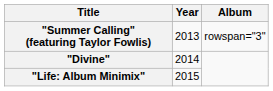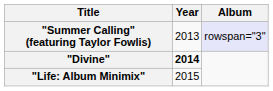 <table class="wikitable plainrowheaders" style="text-align:center;">
 <tr>
 <th scope="col" style="width:15em;">Title</th>
 <th scope="col" style="width:1em;">Year</th>
 <th scope="col">Album</th>
 </tr>
 <tr>
 <th scope="row">"Summer Calling"<br><span>(featuring Taylor Fowlis)</span></th>
 <td>2013</td>
-<td>rowspan="3" </td>
+<td style="background: lavender;">rowspan="3" </td>
 </tr>
 <tr>
 <th scope="row">"Divine"</th>
-<td>2014</td>
+<td><strong>2014</strong></td>
 </tr>
 <tr>
 <th scope="row">"Life: Album Minimix"</th>
 <td>2015</td>
 </tr>
 </table>
